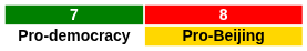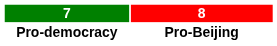 <table style="width:50%; text-align:center;">
 <tr style="color:white;">
 <td style="background:green; width:46.67%;"><strong>7</strong></td>
 <td style="background:red; width:53.33%;"><strong>8</strong></td>
 </tr>
 <tr>
 <td><span><strong>Pro-democracy</strong></span></td>
-<td style="background: gold;"><span><strong>Pro-Beijing</strong></span></td>
+<td><span><strong>Pro-Beijing</strong></span></td>
 </tr>
 <tr>
 </tr>
 </table>
